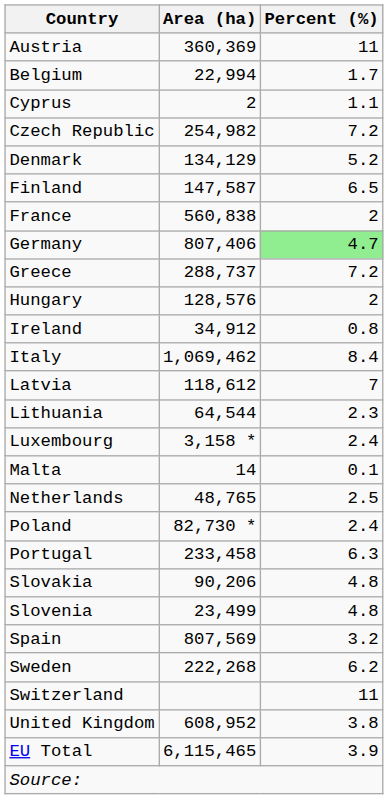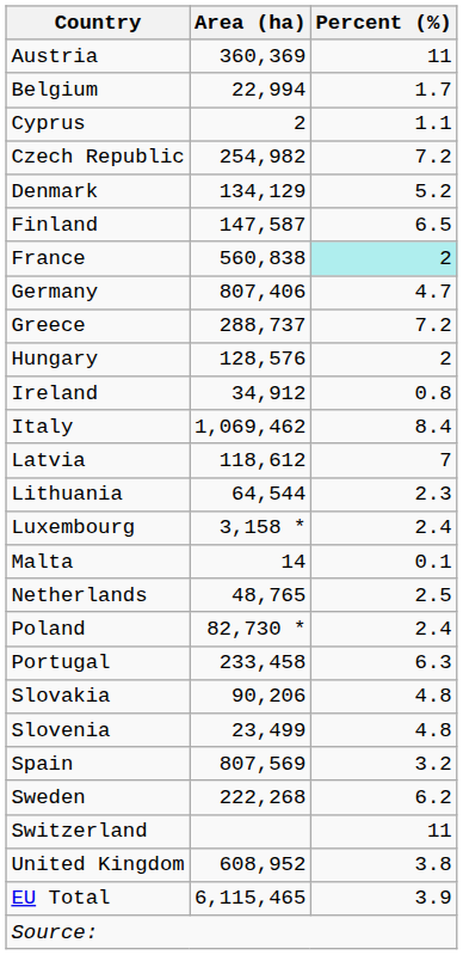 <table class="sortable wikitable" align="right">
 <tr style="background:#efefef;">
 <th>Country</th>
 <th>Area (ha)</th>
 <th>Percent (%)</th>
 </tr>
 <tr>
 <td>Austria</td>
 <td style="text-align:right;">360,369</td>
 <td style="text-align:right;">11</td>
 </tr>
 <tr>
 <td>Belgium</td>
 <td style="text-align:right;">22,994</td>
 <td style="text-align:right;">1.7</td>
 </tr>
 <tr>
 <td>Cyprus</td>
 <td style="text-align:right;">2</td>
 <td style="text-align:right;">1.1</td>
 </tr>
 <tr>
 <td>Czech Republic</td>
 <td style="text-align:right;">254,982</td>
 <td style="text-align:right;">7.2</td>
 </tr>
 <tr>
 <td>Denmark</td>
 <td style="text-align:right;">134,129</td>
 <td style="text-align:right;">5.2</td>
 </tr>
 <tr>
 <td>Finland</td>
 <td style="text-align:right;">147,587</td>
 <td style="text-align:right;">6.5</td>
 </tr>
 <tr>
 <td>France</td>
 <td style="text-align:right;">560,838</td>
-<td style="text-align:right;">2</td>
+<td style="background: paleturquoise; text-align:right;">2</td>
 </tr>
 <tr>
 <td>Germany</td>
 <td style="text-align:right;">807,406</td>
-<td style="background: lightgreen; text-align:right;">4.7</td>
+<td style="text-align:right;">4.7</td>
 </tr>
 <tr>
 <td>Greece</td>
 <td style="text-align:right;">288,737</td>
 <td style="text-align:right;">7.2</td>
 </tr>
 <tr>
 <td>Hungary</td>
 <td style="text-align:right;">128,576</td>
 <td style="text-align:right;">2</td>
 </tr>
 <tr>
 <td>Ireland</td>
 <td style="text-align:right;">34,912</td>
 <td style="text-align:right;">0.8</td>
 </tr>
 <tr>
 <td>Italy</td>
 <td style="text-align:right;">1,069,462</td>
 <td style="text-align:right;">8.4</td>
 </tr>
 <tr>
 <td>Latvia</td>
 <td style="text-align:right;">118,612</td>
 <td style="text-align:right;">7</td>
 </tr>
 <tr>
 <td>Lithuania</td>
 <td style="text-align:right;">64,544</td>
 <td style="text-align:right;">2.3</td>
 </tr>
 <tr>
 <td>Luxembourg</td>
 <td style="text-align:right;">3,158 *</td>
 <td style="text-align:right;">2.4</td>
 </tr>
 <tr>
 <td>Malta</td>
 <td style="text-align:right;">14</td>
 <td style="text-align:right;">0.1</td>
 </tr>
 <tr>
 <td>Netherlands</td>
 <td style="text-align:right;">48,765</td>
 <td style="text-align:right;">2.5</td>
 </tr>
 <tr>
 <td>Poland</td>
 <td style="text-align:right;">82,730 *</td>
 <td style="text-align:right;">2.4</td>
 </tr>
 <tr>
 <td>Portugal</td>
 <td style="text-align:right;">233,458</td>
 <td style="text-align:right;">6.3</td>
 </tr>
 <tr>
 <td>Slovakia</td>
 <td style="text-align:right;">90,206</td>
 <td style="text-align:right;">4.8</td>
 </tr>
 <tr>
 <td>Slovenia</td>
 <td style="text-align:right;">23,499</td>
 <td style="text-align:right;">4.8</td>
 </tr>
 <tr>
 <td>Spain</td>
 <td style="text-align:right;">807,569</td>
 <td style="text-align:right;">3.2</td>
 </tr>
 <tr>
 <td>Sweden</td>
 <td style="text-align:right;">222,268</td>
 <td style="text-align:right;">6.2</td>
 </tr>
 <tr>
 <td>Switzerland</td>
 <td style="text-align:right;"></td>
 <td style="text-align:right;">11</td>
 </tr>
 <tr>
 <td>United Kingdom</td>
 <td style="text-align:right;">608,952</td>
 <td style="text-align:right;">3.8</td>
 </tr>
 <tr>
 <td><a href='#'>EU</a> Total</td>
 <td style="text-align:right;">6,115,465</td>
 <td style="text-align:right;">3.9</td>
 </tr>
 <tr>
 <td colspan="3"><em>Source: </em></td>
 </tr>
 </table>
